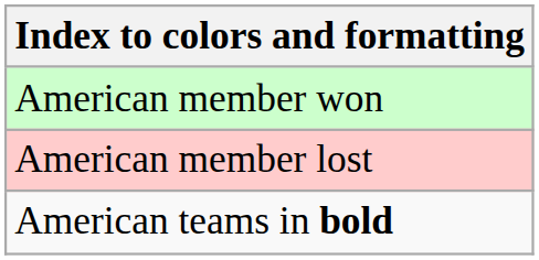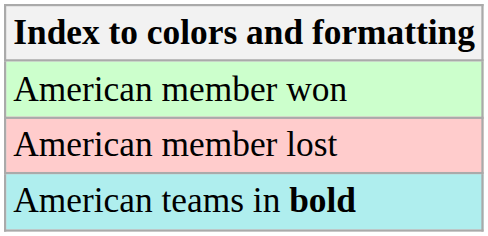 <table class="wikitable">
 <tr>
 <th>Index to colors and formatting</th>
 </tr>
 <tr bgcolor=#ccffcc>
 <td>American member won</td>
 </tr>
 <tr bgcolor=#ffcccc>
 <td>American member lost</td>
 </tr>
 <tr>
-<td>American teams in <strong>bold</strong></td>
+<td style="background: paleturquoise;">American teams in <strong>bold</strong></td>
 </tr>
 </table>
